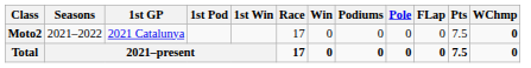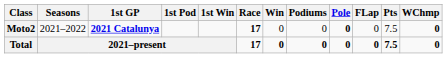 <table class="wikitable" style=text-align:right>
 <tr>
 <th>Class</th>
 <th>Seasons</th>
 <th>1st GP</th>
 <th>1st Pod</th>
 <th>1st Win</th>
 <th>Race</th>
 <th>Win</th>
 <th>Podiums</th>
 <th><a href='#'>Pole</a></th>
 <th>FLap</th>
 <th>Pts</th>
 <th>WChmp</th>
 </tr>
 <tr>
 <th>Moto2</th>
 <td>2021–2022</td>
-<td align="left"><a href='#'>2021 Catalunya</a></td>
+<td align="left"><strong><a href='#'>2021 Catalunya</a></strong></td>
 <td></td>
 <td></td>
-<td>17</td>
+<td><strong>17</strong></td>
 <td>0</td>
 <td>0</td>
-<td>0</td>
+<td><strong>0</strong></td>
 <td>0</td>
 <td>7.5</td>
 <td><strong>0</strong></td>
 </tr>
 <tr>
 <th>Total</th>
 <th colspan=4>2021–present</th>
 <td><strong>17</strong></td>
 <td><strong>0</strong></td>
 <td><strong>0</strong></td>
 <td><strong>0</strong></td>
 <td><strong>0</strong></td>
 <td><strong>7.5</strong></td>
 <td><strong>0</strong></td>
 </tr>
 </table>
